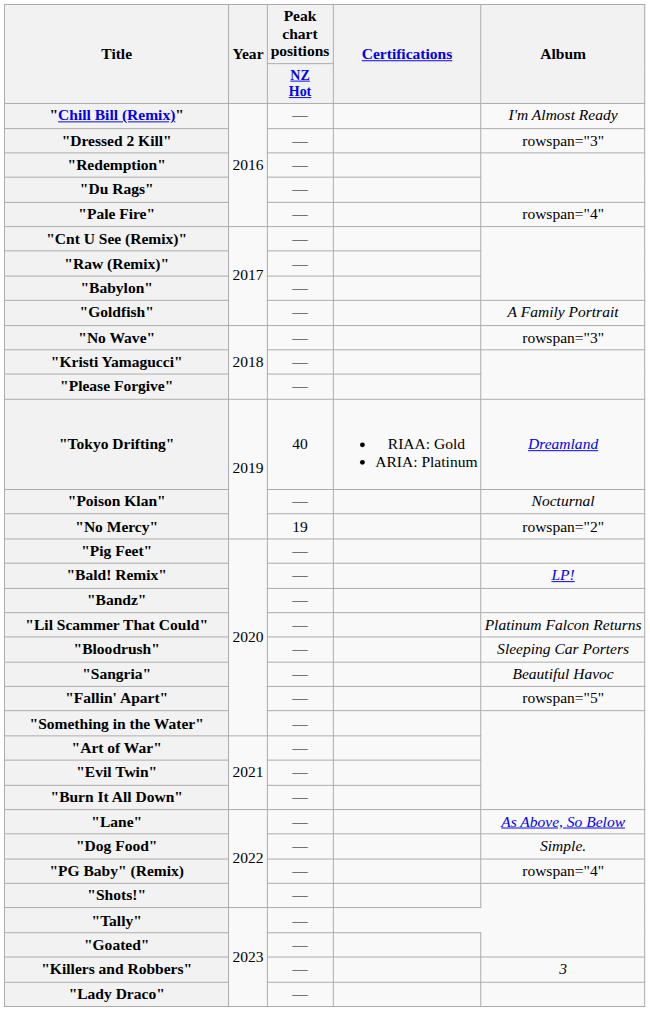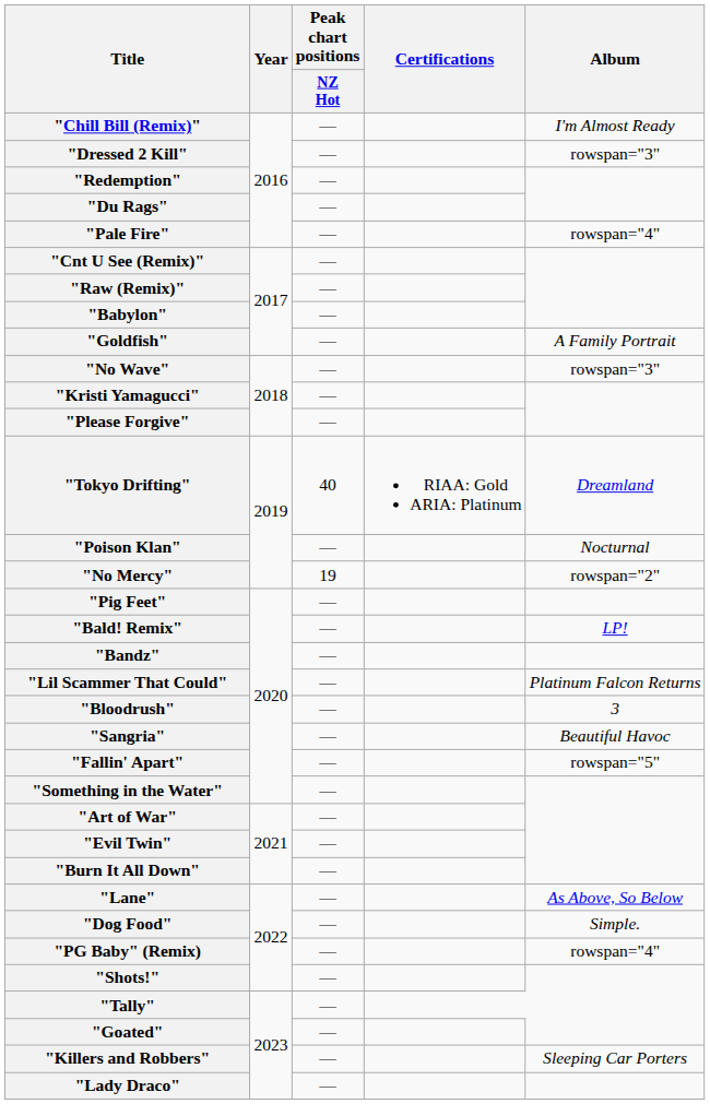 <table class="wikitable plainrowheaders" style="text-align:center;">
 <tr>
 <th scope="col" rowspan="2" style="width:14em;">Title</th>
 <th scope="col" rowspan="2">Year</th>
 <th scope="col">Peak chart positions</th>
 <th scope="col" rowspan="2"><a href='#'>Certifications</a></th>
 <th scope="col" rowspan="2">Album</th>
 </tr>
 <tr>
 <th scope="col" style="width:3em;font-size:90%;"><a href='#'>NZ<br>Hot</a><br></th>
 </tr>
 <tr>
 <th scope="row">"<a href='#'>Chill Bill (Remix)</a>"<br></th>
 <td rowspan="5">2016</td>
 <td>—</td>
 <td></td>
 <td><em>I'm Almost Ready</em></td>
 </tr>
 <tr>
 <th scope="row">"Dressed 2 Kill"<br></th>
 <td>—</td>
 <td></td>
 <td>rowspan="3" </td>
 </tr>
 <tr>
 <th scope="row">"Redemption"<br></th>
 <td>—</td>
 <td></td>
 </tr>
 <tr>
 <th scope="row">"Du Rags"<br></th>
 <td>—</td>
 <td></td>
 </tr>
 <tr>
 <th scope="row">"Pale Fire"<br> </th>
 <td>—</td>
 <td></td>
 <td>rowspan="4" </td>
 </tr>
 <tr>
 <th scope="row">"Cnt U See (Remix)"<br></th>
 <td rowspan="4">2017</td>
 <td>—</td>
 <td></td>
 </tr>
 <tr>
 <th scope="row">"Raw (Remix)"<br></th>
 <td>—</td>
 <td></td>
 </tr>
 <tr>
 <th scope="row">"Babylon"<br></th>
 <td>—</td>
 <td></td>
 </tr>
 <tr>
 <th scope="row">"Goldfish"<br></th>
 <td>—</td>
 <td></td>
 <td><em>A Family Portrait</em></td>
 </tr>
 <tr>
 <th scope="row">"No Wave"<br></th>
 <td rowspan="3">2018</td>
 <td>—</td>
 <td></td>
 <td>rowspan="3" </td>
 </tr>
 <tr>
 <th scope="row">"Kristi Yamagucci"<br></th>
 <td>—</td>
 <td></td>
 </tr>
 <tr>
 <th scope="row">"Please Forgive"<br></th>
 <td>—</td>
 <td></td>
 </tr>
 <tr>
 <th scope="row">"Tokyo Drifting"<br></th>
 <td rowspan="3">2019</td>
 <td>40</td>
 <td><br><ul><li>RIAA: Gold</li><li>ARIA: Platinum</li></ul></td>
 <td><em><a href='#'>Dreamland</a></em></td>
 </tr>
 <tr>
 <th scope="row">"Poison Klan"<br></th>
 <td>—</td>
 <td></td>
 <td><em>Nocturnal</em></td>
 </tr>
 <tr>
 <th scope="row">"No Mercy"<br></th>
 <td>19</td>
 <td></td>
 <td>rowspan="2" </td>
 </tr>
 <tr>
 <th scope="row">"Pig Feet" <br></th>
 <td rowspan="8">2020</td>
 <td>—</td>
 <td></td>
 </tr>
 <tr>
 <th scope="row">"Bald! Remix" <br></th>
 <td>—</td>
 <td></td>
 <td><em><a href='#'>LP!</a></em></td>
 </tr>
 <tr>
 <th scope="row">"Bandz" <br></th>
 <td>—</td>
 <td></td>
 <td></td>
 </tr>
 <tr>
 <th scope="row">"Lil Scammer That Could" <br></th>
 <td>—</td>
 <td></td>
 <td><em>Platinum Falcon Returns</em></td>
 </tr>
 <tr>
 <th scope="row">"Bloodrush" <br></th>
 <td>—</td>
 <td></td>
-<td><em>Sleeping Car Porters</em></td>
+<td><em>3</em></td>
 </tr>
 <tr>
 <th scope="row">"Sangria" <br></th>
 <td>—</td>
 <td></td>
 <td><em>Beautiful Havoc</em></td>
 </tr>
 <tr>
 <th scope="row">"Fallin' Apart" <br></th>
 <td>—</td>
 <td></td>
 <td>rowspan="5" </td>
 </tr>
 <tr>
 <th scope="row">"Something in the Water" <br></th>
 <td>—</td>
 <td></td>
 </tr>
 <tr>
 <th scope="row">"Art of War" <br></th>
 <td rowspan="3">2021</td>
 <td>—</td>
 <td></td>
 </tr>
 <tr>
 <th scope="row">"Evil Twin" <br></th>
 <td>—</td>
 <td></td>
 </tr>
 <tr>
 <th scope="row">"Burn It All Down" <br></th>
 <td>—</td>
 <td></td>
 </tr>
 <tr>
 <th scope="row">"Lane" <br></th>
 <td rowspan="4">2022</td>
 <td>—</td>
 <td></td>
 <td><em><a href='#'>As Above, So Below</a></em></td>
 </tr>
 <tr>
 <th scope="row">"Dog Food" <br></th>
 <td>—</td>
 <td></td>
 <td><em>Simple.</em></td>
 </tr>
 <tr>
 <th scope="row">"PG Baby" (Remix) <br></th>
 <td>—</td>
 <td></td>
 <td>rowspan="4" </td>
 </tr>
 <tr>
 <th scope="row">"Shots!" <br></th>
 <td>—</td>
 <td></td>
 </tr>
 <tr>
 <th scope="row">"Tally" <br></th>
 <td rowspan="4">2023</td>
 <td>—</td>
 </tr>
 <tr>
 <th scope="row">"Goated" <br></th>
 <td>—</td>
 <td></td>
 </tr>
 <tr>
 <th scope="row">"Killers and Robbers" <br></th>
 <td>—</td>
 <td></td>
-<td><em>3</em></td>
+<td><em>Sleeping Car Porters</em></td>
 </tr>
 <tr>
 <th scope="row">"Lady Draco" <br></th>
 <td>—</td>
 <td></td>
 <td></td>
 </tr>
 </table>
